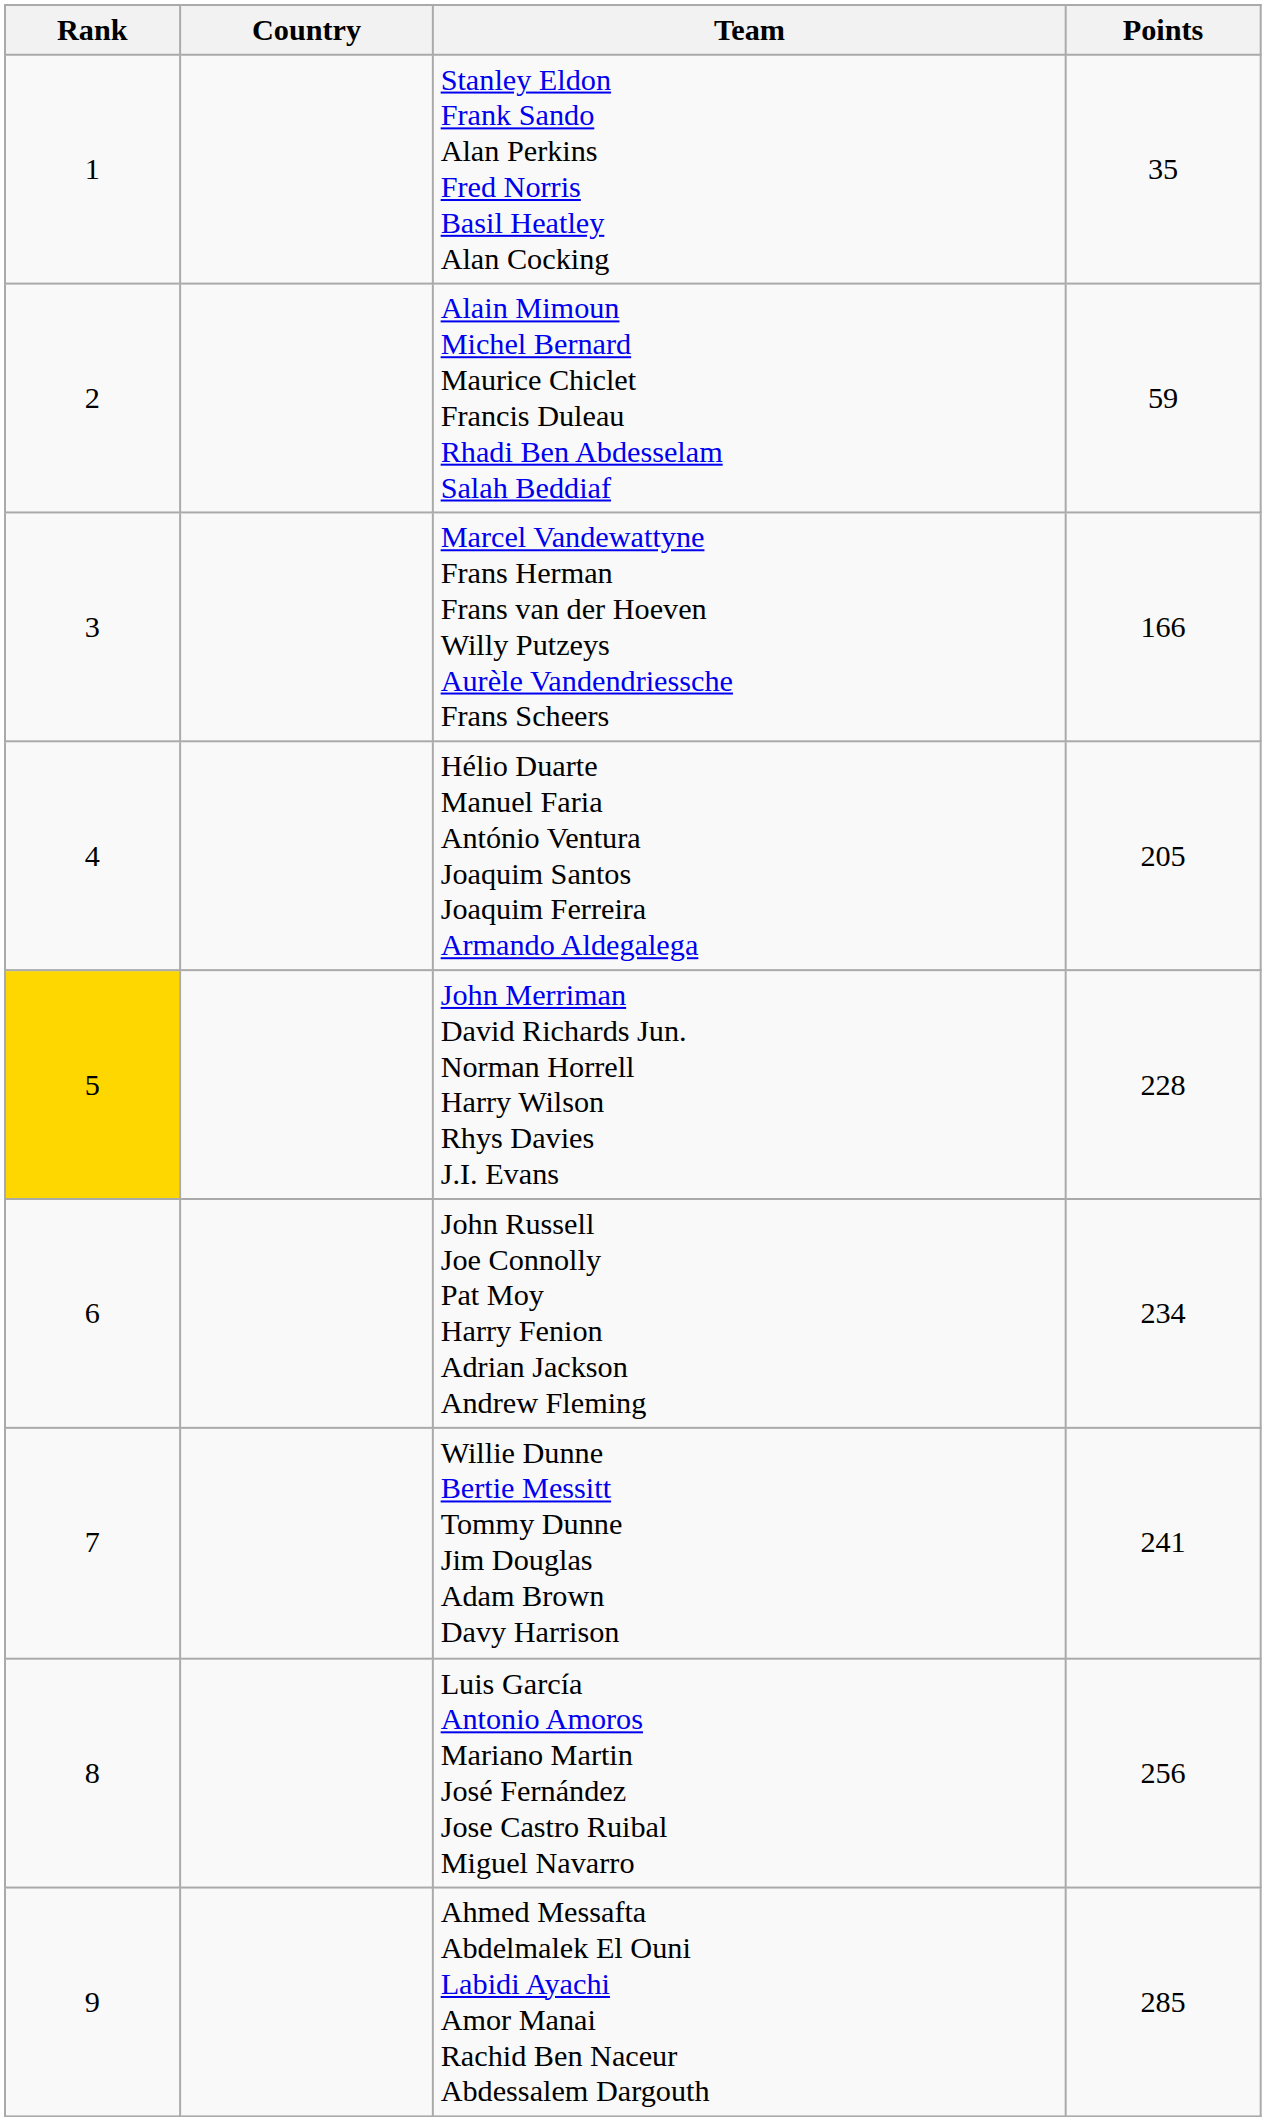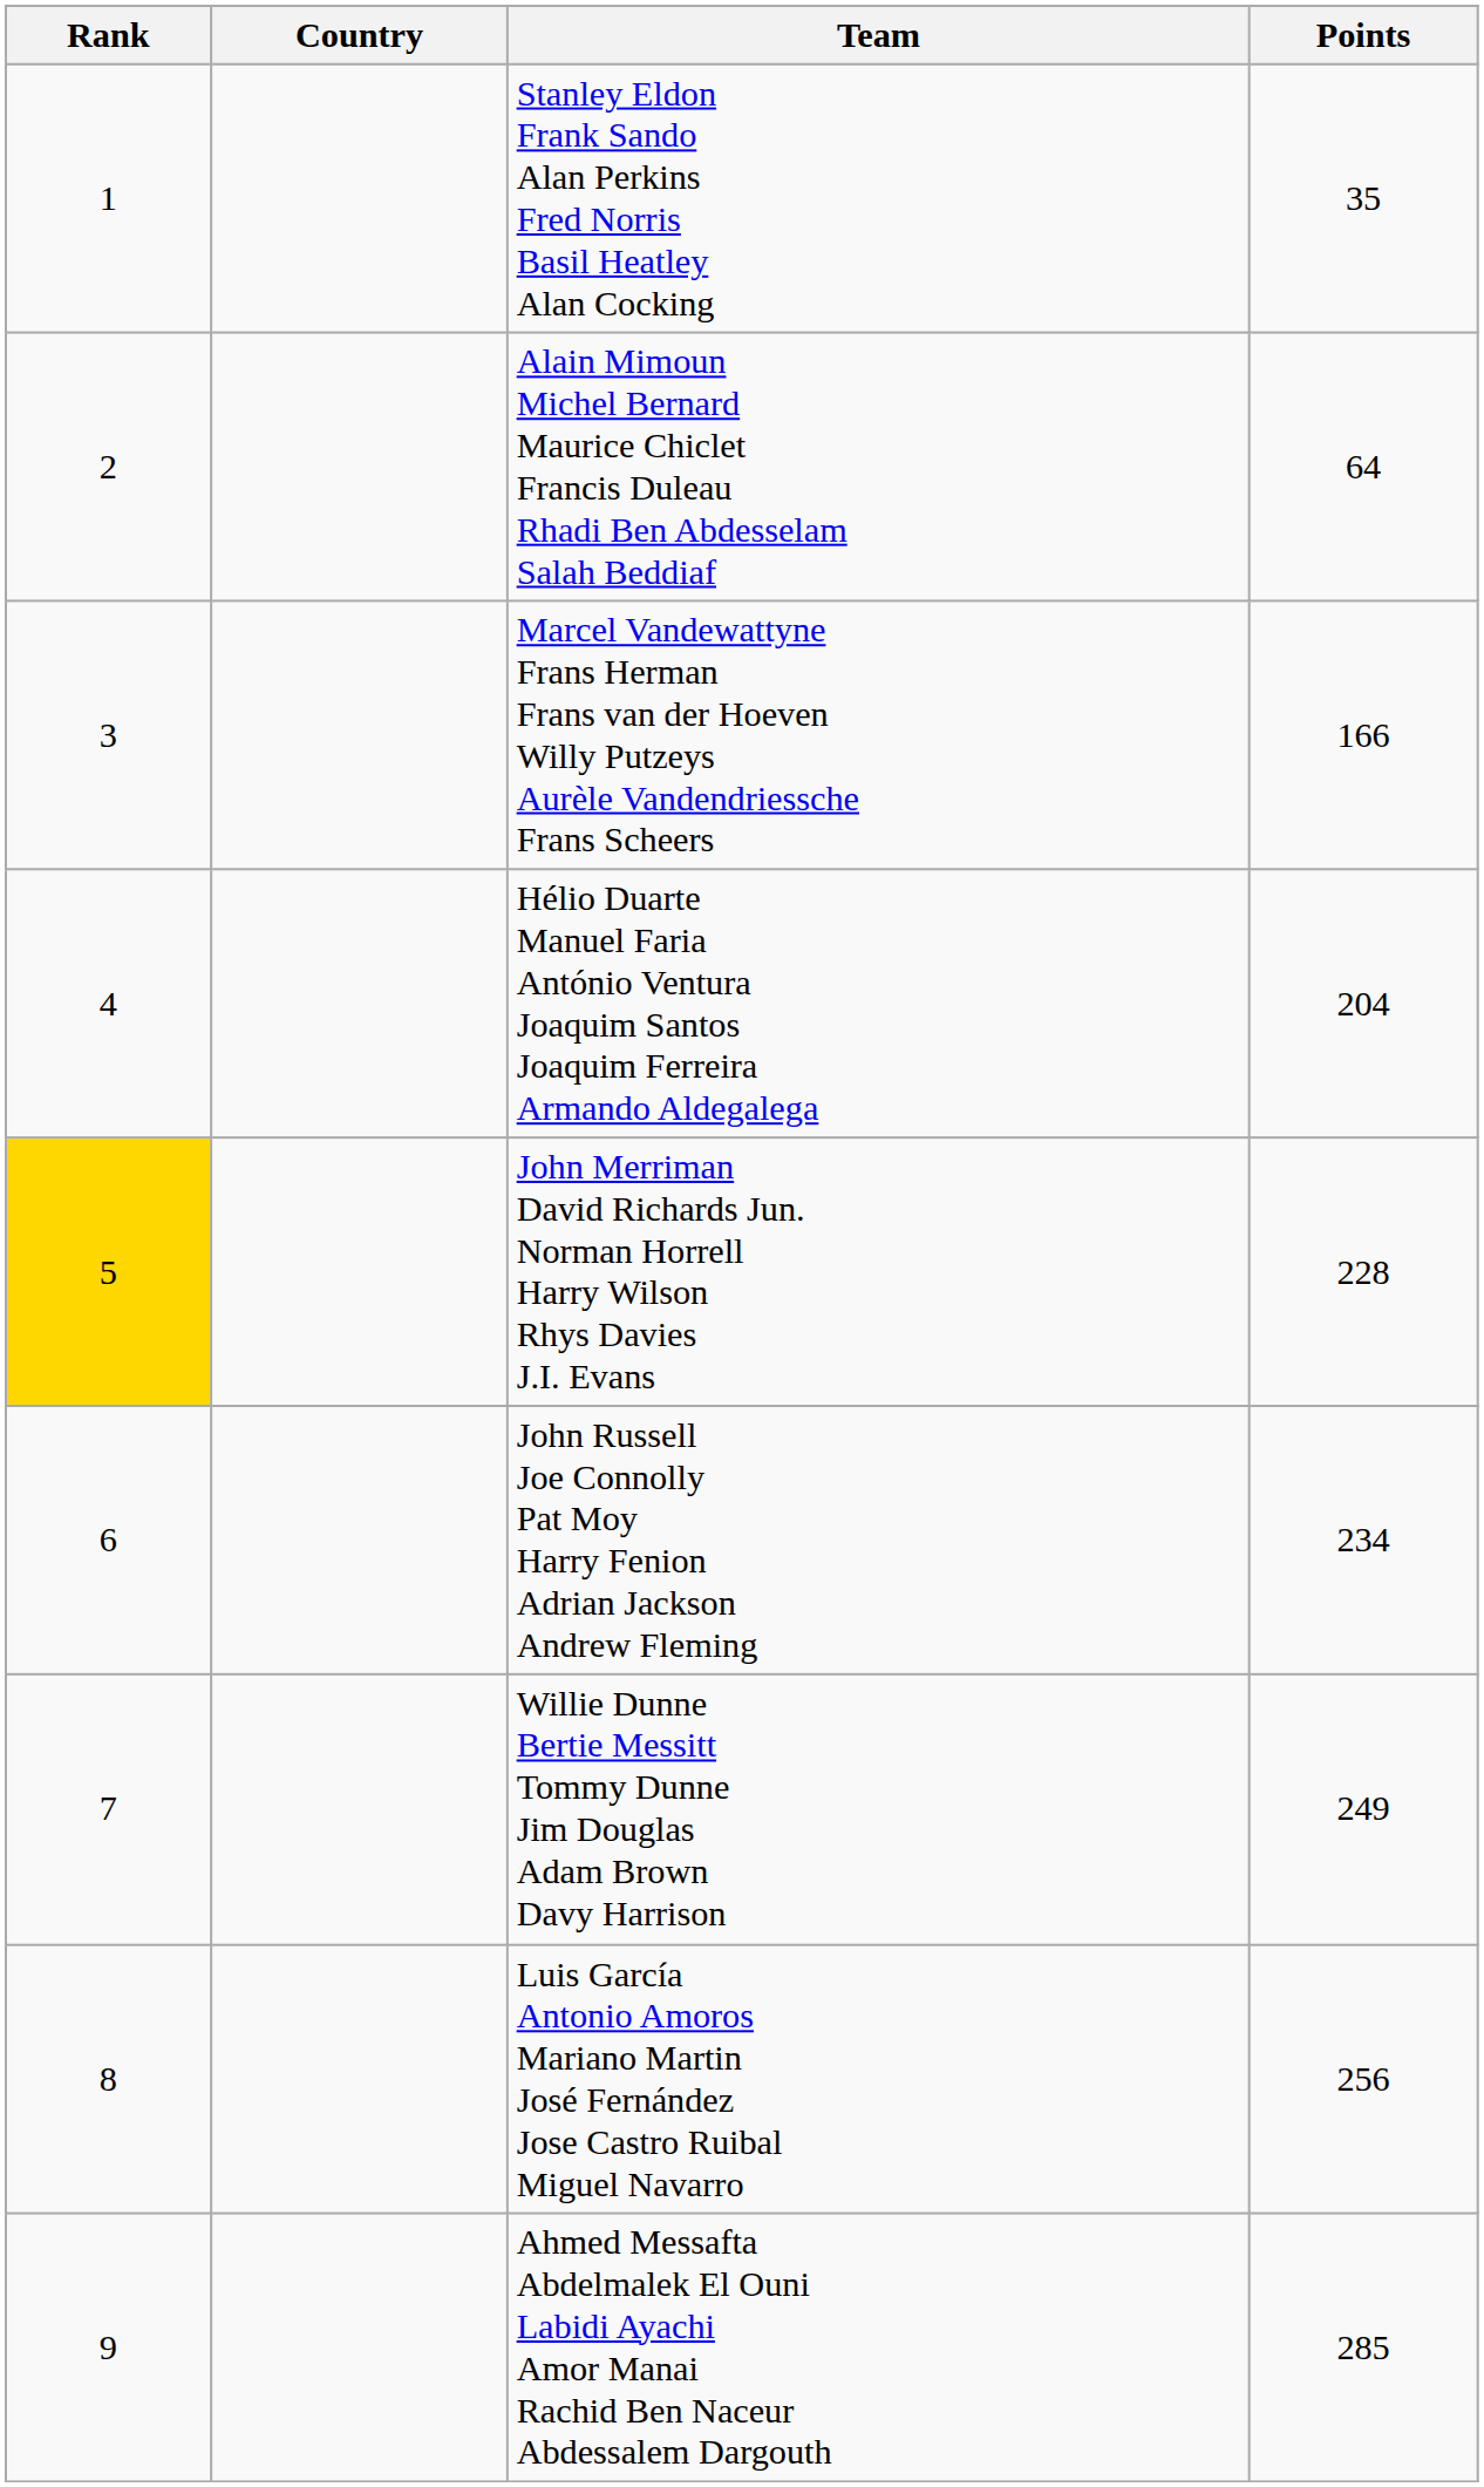 <table class="wikitable sortable" style=" text-align:center; font-size:95%;" width="50%">
 <tr>
 <th>Rank</th>
 <th>Country</th>
 <th>Team</th>
 <th>Points</th>
 </tr>
 <tr>
 <td align=center>1</td>
 <td align=left></td>
 <td align=left><a href='#'>Stanley Eldon</a><br><a href='#'>Frank Sando</a><br>Alan Perkins<br><a href='#'>Fred Norris</a><br><a href='#'>Basil Heatley</a><br>Alan Cocking</td>
 <td>35</td>
 </tr>
 <tr>
 <td align=center>2</td>
 <td align=left></td>
 <td align=left><a href='#'>Alain Mimoun</a><br><a href='#'>Michel Bernard</a><br>Maurice Chiclet<br>Francis Duleau<br><a href='#'>Rhadi Ben Abdesselam</a><br><a href='#'>Salah Beddiaf</a></td>
-<td>59</td>
+<td>64</td>
 </tr>
 <tr>
 <td align=center>3</td>
 <td align=left></td>
 <td align=left><a href='#'>Marcel Vandewattyne</a><br>Frans Herman<br>Frans van der Hoeven<br>Willy Putzeys<br><a href='#'>Aurèle Vandendriessche</a><br>Frans Scheers</td>
 <td>166</td>
 </tr>
 <tr>
 <td align=center>4</td>
 <td align=left></td>
 <td align=left>Hélio Duarte<br>Manuel Faria<br>António Ventura<br>Joaquim Santos<br>Joaquim Ferreira<br><a href='#'>Armando Aldegalega</a></td>
-<td>205</td>
+<td>204</td>
 </tr>
 <tr>
 <td align=center style="background: gold;">5</td>
 <td align=left></td>
 <td align=left><a href='#'>John Merriman</a><br>David Richards Jun.<br>Norman Horrell<br>Harry Wilson<br>Rhys Davies<br>J.I. Evans</td>
 <td>228</td>
 </tr>
 <tr>
 <td align=center>6</td>
 <td align=left></td>
 <td align=left>John Russell<br>Joe Connolly<br>Pat Moy<br>Harry Fenion<br>Adrian Jackson<br>Andrew Fleming</td>
 <td>234</td>
 </tr>
 <tr>
 <td align=center>7</td>
 <td align=left></td>
 <td align=left>Willie Dunne<br><a href='#'>Bertie Messitt</a><br>Tommy Dunne<br>Jim Douglas<br>Adam Brown<br>Davy Harrison</td>
-<td>241</td>
+<td>249</td>
 </tr>
 <tr>
 <td align=center>8</td>
 <td align=left></td>
 <td align=left>Luis García<br><a href='#'>Antonio Amoros</a><br>Mariano Martin<br>José Fernández<br>Jose Castro Ruibal<br>Miguel Navarro</td>
 <td>256</td>
 </tr>
 <tr>
 <td align=center>9</td>
 <td align=left></td>
 <td align=left>Ahmed Messafta<br>Abdelmalek El Ouni<br><a href='#'>Labidi Ayachi</a><br>Amor Manai<br>Rachid Ben Naceur<br>Abdessalem Dargouth</td>
 <td>285</td>
 </tr>
 </table>
